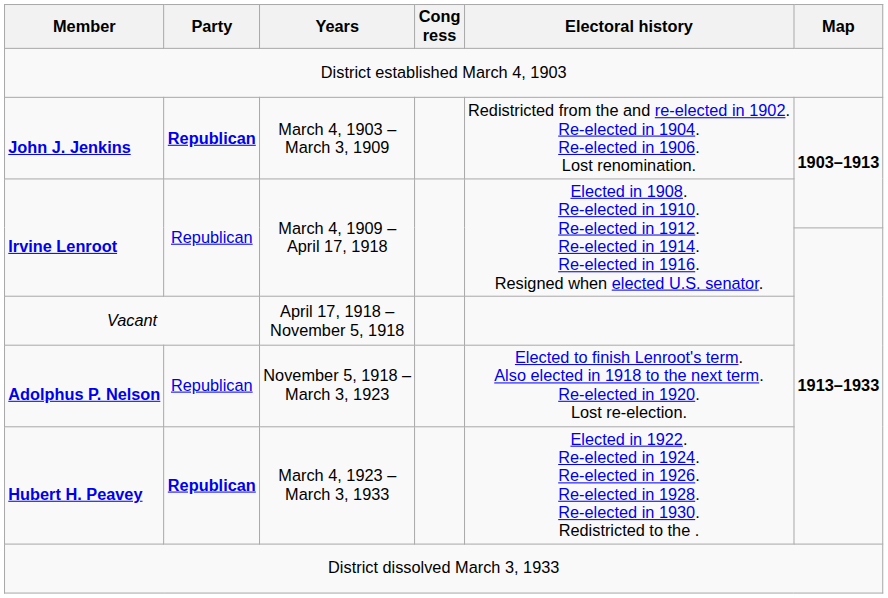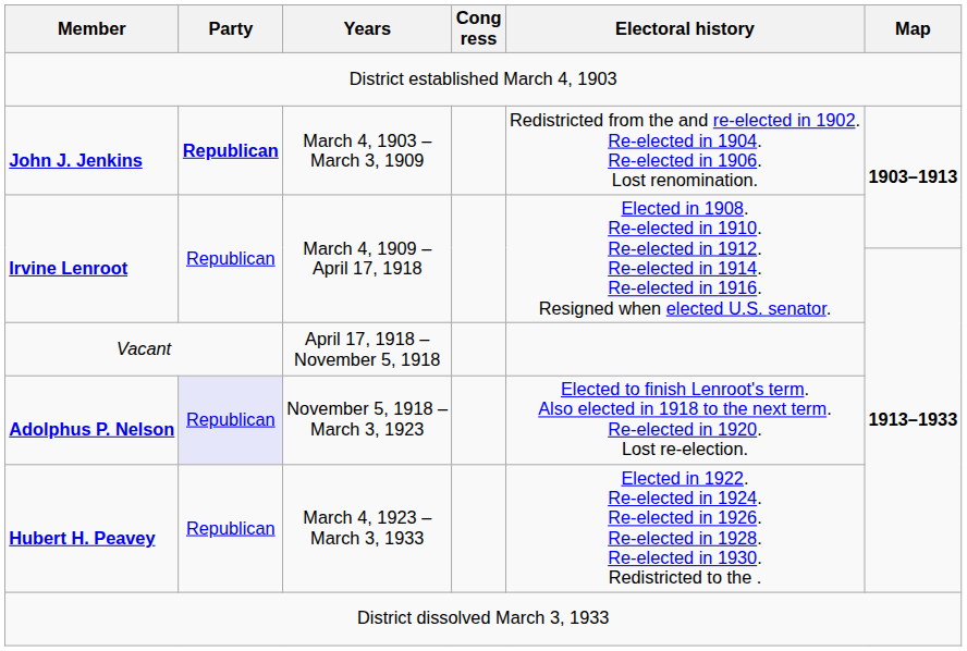 <table class=wikitable style="text-align:center">
 <tr>
 <th>Member</th>
 <th>Party</th>
 <th>Years</th>
 <th>Cong<br>ress</th>
 <th>Electoral history</th>
 <th>Map</th>
 </tr>
 <tr style="height:3em">
 <td colspan=6>District established March 4, 1903</td>
 </tr>
 <tr style="height:3em">
 <td align=left><br><strong><a href='#'>John J. Jenkins</a></strong><br></td>
 <td><strong><a href='#'>Republican</a></strong></td>
 <td nowrap>March 4, 1903 –<br>March 3, 1909</td>
 <td></td>
 <td>Redistricted from the  and <a href='#'>re-elected in 1902</a>.<br><a href='#'>Re-elected in 1904</a>.<br><a href='#'>Re-elected in 1906</a>.<br>Lost renomination.</td>
 <td rowspan=2><strong>1903–1913</strong><br></td>
 </tr>
 <tr style="height:3em">
 <td rowspan=2 align=left><br><strong><a href='#'>Irvine Lenroot</a></strong><br></td>
 <td rowspan=2 ><a href='#'>Republican</a></td>
 <td rowspan=2 nowrap>March 4, 1909 –<br>April 17, 1918</td>
 <td rowspan=2></td>
 <td rowspan=2><a href='#'>Elected in 1908</a>.<br><a href='#'>Re-elected in 1910</a>.<br><a href='#'>Re-elected in 1912</a>.<br><a href='#'>Re-elected in 1914</a>.<br><a href='#'>Re-elected in 1916</a>.<br>Resigned when <a href='#'>elected U.S. senator</a>.</td>
 </tr>
 <tr style="height:3em">
 <td rowspan=4><strong>1913–1933</strong><br></td>
 </tr>
 <tr style="height:3em">
 <td colspan=2><em>Vacant</em></td>
 <td nowrap>April 17, 1918 –<br>November 5, 1918</td>
 <td></td>
 <td></td>
 </tr>
 <tr style="height:3em">
 <td align=left><br><strong><a href='#'>Adolphus P. Nelson</a></strong><br></td>
-<td><a href='#'>Republican</a></td>
+<td style="background: lavender;"><a href='#'>Republican</a></td>
 <td nowrap>November 5, 1918 –<br>March 3, 1923</td>
 <td></td>
 <td><a href='#'>Elected to finish Lenroot's term</a>.<br><a href='#'>Also elected in 1918 to the next term</a>.<br><a href='#'>Re-elected in 1920</a>.<br>Lost re-election.</td>
 </tr>
 <tr style="height:3em">
 <td align=left><br><strong><a href='#'>Hubert H. Peavey</a></strong><br></td>
-<td><strong><a href='#'>Republican</a></strong></td>
+<td><a href='#'>Republican</a></td>
 <td nowrap>March 4, 1923 –<br>March 3, 1933</td>
 <td></td>
 <td><a href='#'>Elected in 1922</a>.<br><a href='#'>Re-elected in 1924</a>.<br><a href='#'>Re-elected in 1926</a>.<br><a href='#'>Re-elected in 1928</a>.<br><a href='#'>Re-elected in 1930</a>.<br>Redistricted to the .</td>
 </tr>
 <tr style="height:3em">
 <td colspan=6>District dissolved March 3, 1933</td>
 </tr>
 </table>
